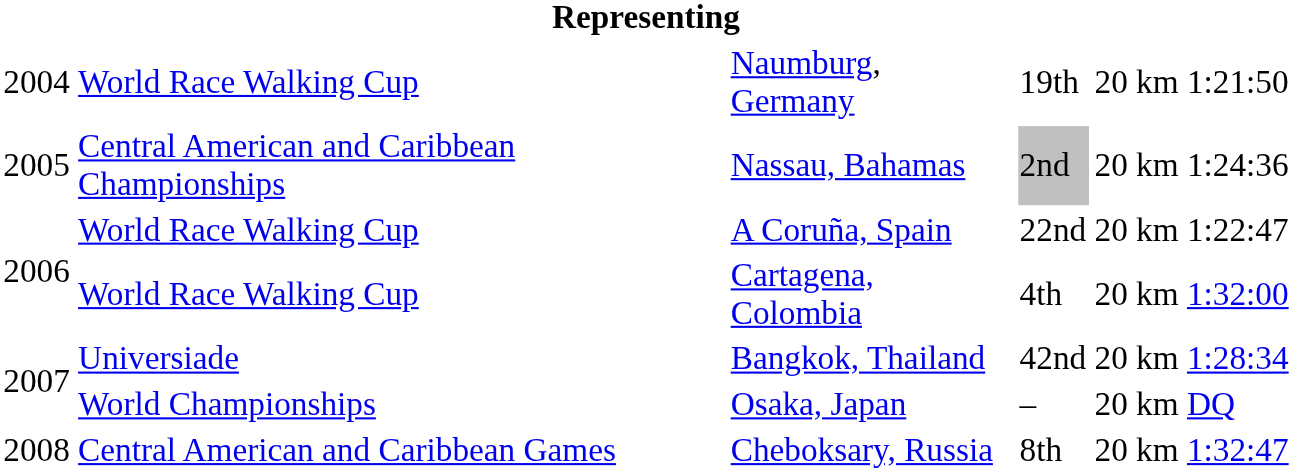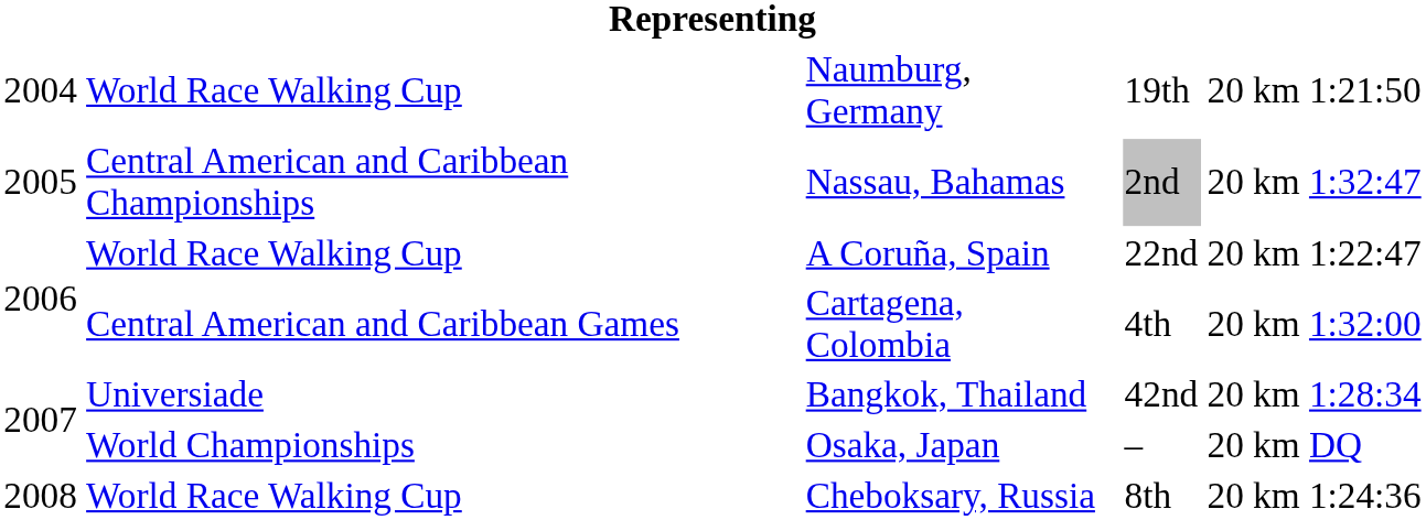 <table>
 <tr>
 <th colspan="6">Representing </th>
 </tr>
 <tr>
 <td>2004</td>
 <td><a href='#'>World Race Walking Cup</a></td>
 <td><a href='#'>Naumburg</a>, <a href='#'>Germany</a></td>
 <td>19th</td>
 <td>20 km</td>
 <td>1:21:50</td>
 </tr>
 <tr>
 <td>2005</td>
 <td><a href='#'>Central American and Caribbean Championships</a></td>
 <td><a href='#'>Nassau, Bahamas</a></td>
 <td bgcolor=silver>2nd</td>
 <td>20 km</td>
-<td>1:24:36</td>
+<td><a href='#'>1:32:47</a></td>
 </tr>
 <tr>
 <td rowspan=2>2006</td>
 <td><a href='#'>World Race Walking Cup</a></td>
 <td><a href='#'>A Coruña, Spain</a></td>
 <td>22nd</td>
 <td>20 km</td>
 <td>1:22:47</td>
 </tr>
 <tr>
-<td><a href='#'>World Race Walking Cup</a></td>
+<td><a href='#'>Central American and Caribbean Games</a></td>
 <td><a href='#'>Cartagena, Colombia</a></td>
 <td>4th</td>
 <td>20 km</td>
 <td><a href='#'>1:32:00</a></td>
 </tr>
 <tr>
 <td rowspan=2>2007</td>
 <td><a href='#'>Universiade</a></td>
 <td><a href='#'>Bangkok, Thailand</a></td>
 <td>42nd</td>
 <td>20 km</td>
 <td><a href='#'>1:28:34</a></td>
 </tr>
 <tr>
 <td><a href='#'>World Championships</a></td>
 <td><a href='#'>Osaka, Japan</a></td>
 <td>–</td>
 <td>20 km</td>
 <td><a href='#'>DQ</a></td>
 </tr>
 <tr>
 <td>2008</td>
-<td><a href='#'>Central American and Caribbean Games</a></td>
+<td><a href='#'>World Race Walking Cup</a></td>
 <td><a href='#'>Cheboksary, Russia</a></td>
 <td>8th</td>
 <td>20 km</td>
-<td><a href='#'>1:32:47</a></td>
+<td>1:24:36</td>
 </tr>
 </table>
